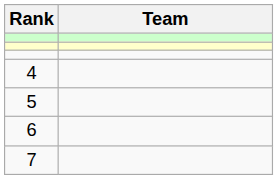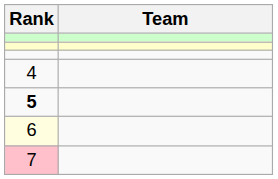 <table class="wikitable" style="text-align: center;">
 <tr>
 <th width=40>Rank</th>
 <th width=180>Team</th>
 </tr>
 <tr bgcolor=#ccffcc align=center>
 <td></td>
 <td style="text-align:left;"></td>
 </tr>
 <tr bgcolor=#ffffcc align=center>
 <td></td>
 <td style="text-align:left;"></td>
 </tr>
 <tr align=center>
 <td></td>
 <td style="text-align:left;"></td>
 </tr>
 <tr align=center>
 <td>4</td>
 <td style="text-align:left;"></td>
 </tr>
 <tr align=center>
-<td>5</td>
+<td><strong>5</strong></td>
 <td style="text-align:left;"></td>
 </tr>
 <tr align=center>
-<td>6</td>
+<td style="background: lightyellow;">6</td>
 <td style="text-align:left;"></td>
 </tr>
 <tr align=center>
-<td>7</td>
+<td style="background: pink;">7</td>
 <td style="text-align:left;"></td>
 </tr>
 </table>
